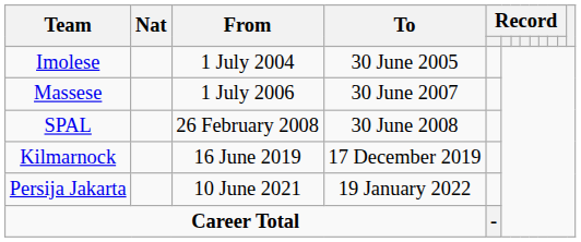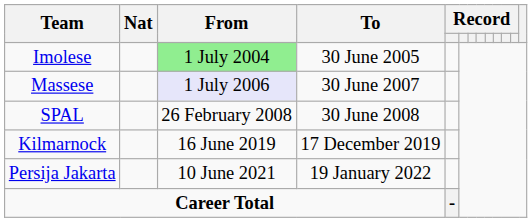 <table class="wikitable" style="text-align: center">
 <tr>
 <th rowspan="2">Team</th>
 <th rowspan="2">Nat</th>
 <th rowspan="2">From</th>
 <th rowspan="2">To</th>
 <th colspan="8">Record</th>
 <th rowspan=2></th>
 </tr>
 <tr>
 <th></th>
 <th></th>
 <th></th>
 <th></th>
 <th></th>
 <th></th>
 <th></th>
 <th></th>
 </tr>
 <tr>
 <td align=center><a href='#'>Imolese</a></td>
 <td align=center></td>
-<td align=center>1 July 2004</td>
+<td align=center style="background: lightgreen;">1 July 2004</td>
 <td align=center>30 June 2005<br></td>
 <td></td>
 </tr>
 <tr>
 <td align=center><a href='#'>Massese</a></td>
 <td align=center></td>
-<td align=center>1 July 2006</td>
+<td align=center style="background: lavender;">1 July 2006</td>
 <td align=center>30 June 2007<br></td>
 <td></td>
 </tr>
 <tr>
 <td align=center><a href='#'>SPAL</a></td>
 <td align=center></td>
 <td align=center>26 February 2008</td>
 <td align=center>30 June 2008<br></td>
 <td></td>
 </tr>
 <tr>
 <td align=center><a href='#'>Kilmarnock</a></td>
 <td align=center></td>
 <td align=center>16 June 2019</td>
 <td align=center>17 December 2019<br></td>
 <td></td>
 </tr>
 <tr>
 <td align=center><a href='#'>Persija Jakarta</a></td>
 <td align=center></td>
 <td align=center>10 June 2021</td>
 <td align=center>19 January 2022<br></td>
 <td></td>
 </tr>
 <tr>
 <td colspan=4><strong>Career Total</strong><br></td>
 <th>-</th>
 </tr>
 </table>
